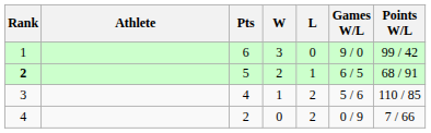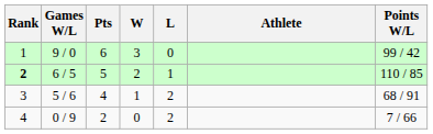 <table class="wikitable" style="text-align: center; font-size:90% ">
 <tr>
 <th width="20">Rank</th>
-<th width="200">Athlete</th>
+<th width="40">Games<br>W/L</th>
 <th width="30">Pts</th>
 <th width="30">W</th>
 <th width="30">L</th>
-<th width="40">Games<br>W/L</th>
+<th width="200">Athlete</th>
 <th width="50">Points<br>W/L</th>
 </tr>
 <tr bgcolor=#ccffcc>
 <td>1</td>
-<td align=left></td>
+<td>9 / 0</td>
 <td>6</td>
 <td>3</td>
 <td>0</td>
-<td>9 / 0</td>
+<td align=left></td>
 <td>99 / 42</td>
 </tr>
 <tr bgcolor=#ccffcc>
 <td><strong>2</strong></td>
-<td align=left></td>
+<td>6 / 5</td>
 <td>5</td>
 <td>2</td>
 <td>1</td>
-<td>6 / 5</td>
+<td align=left></td>
+<td>110 / 85</td>
+</tr>
+<tr>
+<td>3</td>
+<td>5 / 6</td>
+<td>4</td>
+<td>1</td>
+<td>2</td>
+<td align=left></td>
 <td>68 / 91</td>
 </tr>
 <tr>
-<td>3</td>
-<td align=left></td>
 <td>4</td>
-<td>1</td>
-<td>2</td>
-<td>5 / 6</td>
-<td>110 / 85</td>
-</tr>
-<tr>
-<td>4</td>
-<td align=left></td>
+<td>0 / 9</td>
 <td>2</td>
 <td>0</td>
 <td>2</td>
-<td>0 / 9</td>
+<td align=left></td>
 <td>7 / 66</td>
 </tr>
 </table>
